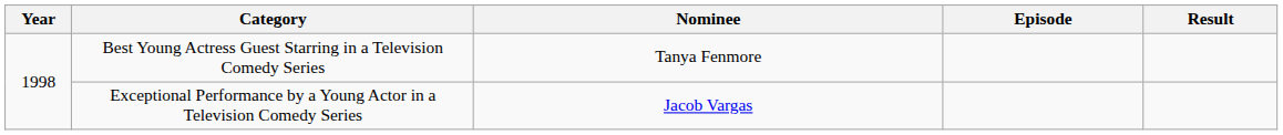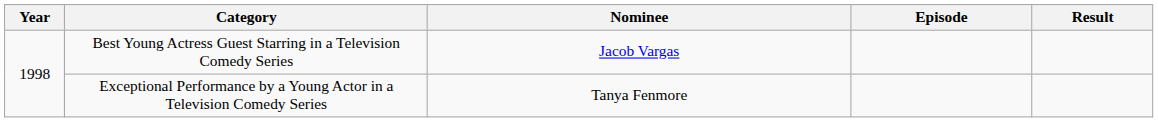 <table class="wikitable plainrowheaders" style="font-size: 90%; text-align:center" width=85%>
 <tr>
 <th scope="col" width="5%">Year</th>
 <th scope="col" width="30%">Category</th>
 <th scope="col" width="35%">Nominee</th>
 <th scope="col" width="15%">Episode</th>
 <th scope="col" width="10%">Result</th>
 </tr>
 <tr>
 <td rowspan=2>1998</td>
 <td>Best Young Actress Guest Starring in a Television Comedy Series</td>
-<td>Tanya Fenmore</td>
+<td><a href='#'>Jacob Vargas</a></td>
 <td></td>
 <td></td>
 </tr>
 <tr>
 <td>Exceptional Performance by a Young Actor in a Television Comedy Series</td>
-<td><a href='#'>Jacob Vargas</a></td>
+<td>Tanya Fenmore</td>
 <td></td>
 <td></td>
 </tr>
 </table>
